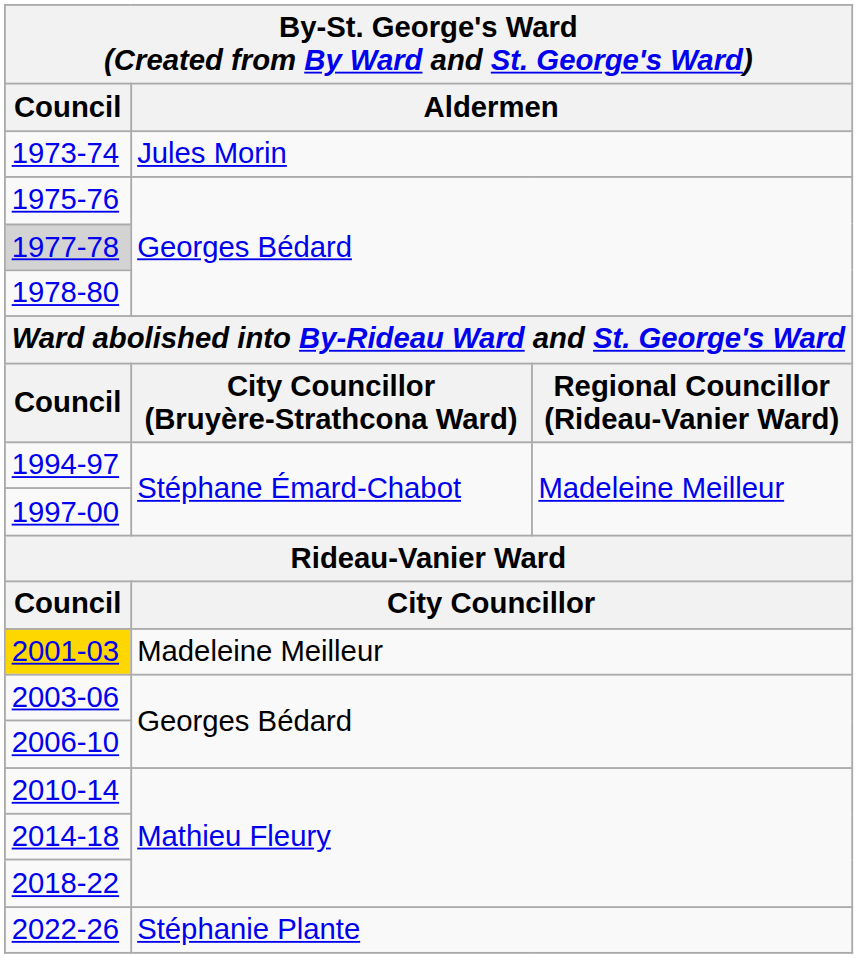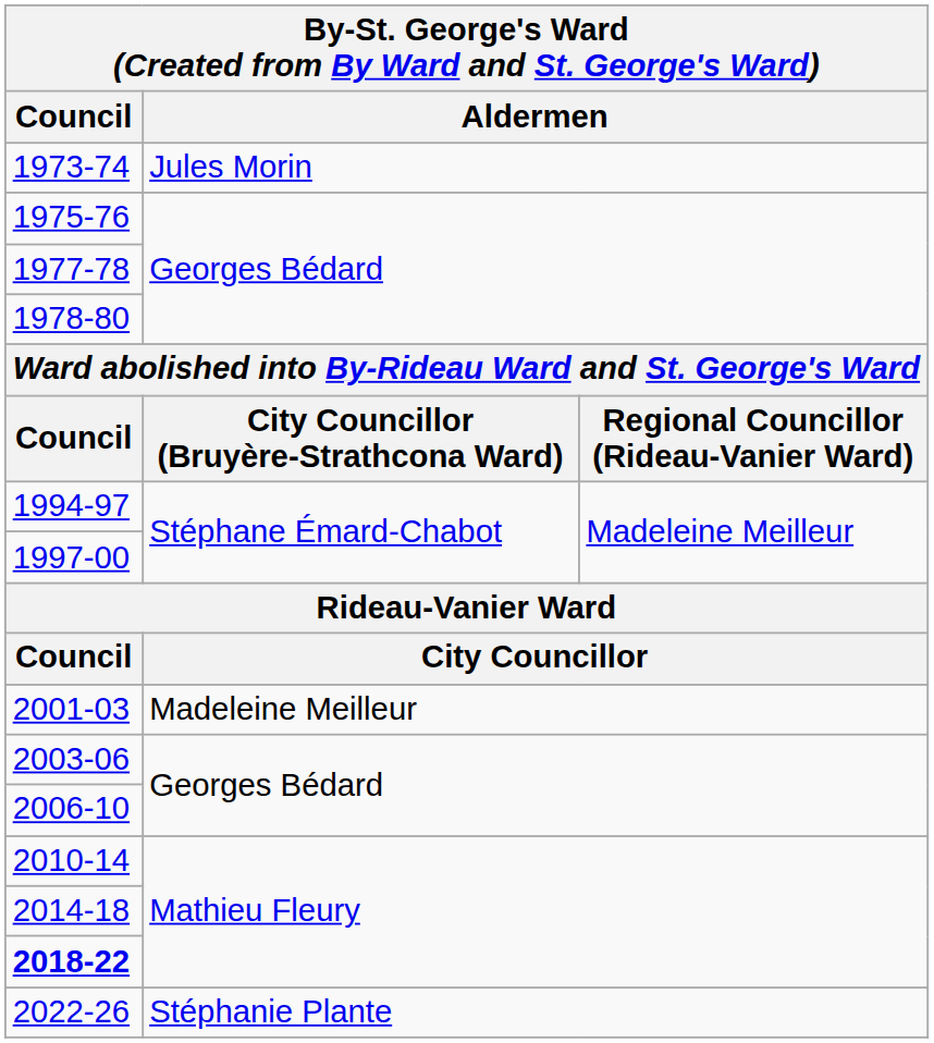 <table class="wikitable">
 <tr>
 <th colspan="3"><strong>By-St. George's Ward</strong> <br> <em>(Created from <a href='#'>By Ward</a> and <a href='#'>St. George's Ward</a>)</em></th>
 </tr>
 <tr>
 <th>Council</th>
 <th Colspan="2">Aldermen</th>
 </tr>
 <tr>
 <td><a href='#'>1973-74</a></td>
 <td colspan="2" rowspan="1"><a href='#'>Jules Morin</a></td>
 </tr>
 <tr>
 <td><a href='#'>1975-76</a></td>
 <td colspan="2" rowspan="3"><a href='#'>Georges Bédard</a></td>
 </tr>
 <tr>
-<td style="background: lightgrey;"><a href='#'>1977-78</a></td>
+<td><a href='#'>1977-78</a></td>
 </tr>
 <tr>
 <td><a href='#'>1978-80</a></td>
 </tr>
 <tr>
 <th colspan="3"><em>Ward abolished into <a href='#'>By-Rideau Ward</a> and <a href='#'>St. George's Ward</a></em></th>
 </tr>
 <tr>
 <th>Council</th>
 <th>City Councillor <br> (Bruyère-Strathcona Ward)</th>
 <th>Regional Councillor <br> (Rideau-Vanier Ward)</th>
 </tr>
 <tr>
 <td><a href='#'>1994-97</a></td>
 <td rowspan="2"><a href='#'>Stéphane Émard-Chabot</a></td>
 <td rowspan="2"><a href='#'>Madeleine Meilleur</a></td>
 </tr>
 <tr>
 <td><a href='#'>1997-00</a></td>
 </tr>
 <tr>
 <th colspan="3"><strong>Rideau-Vanier Ward</strong></th>
 </tr>
 <tr>
 <th>Council</th>
 <th colspan="2">City Councillor</th>
 </tr>
 <tr>
-<td style="background: gold;"><a href='#'>2001-03</a></td>
+<td><a href='#'>2001-03</a></td>
 <td colspan="2" rowspan="1">Madeleine Meilleur</td>
 </tr>
 <tr>
 <td><a href='#'>2003-06</a></td>
 <td colspan="2" rowspan="2">Georges Bédard</td>
 </tr>
 <tr>
 <td><a href='#'>2006-10</a></td>
 </tr>
 <tr>
 <td><a href='#'>2010-14</a></td>
 <td colspan="2" rowspan="3"><a href='#'>Mathieu Fleury</a></td>
 </tr>
 <tr>
 <td><a href='#'>2014-18</a></td>
 </tr>
 <tr>
-<td><a href='#'>2018-22</a></td>
+<td><strong><a href='#'>2018-22</a></strong></td>
 </tr>
 <tr>
 <td><a href='#'>2022-26</a></td>
 <td colspan="2"><a href='#'>Stéphanie Plante</a></td>
 </tr>
 </table>
